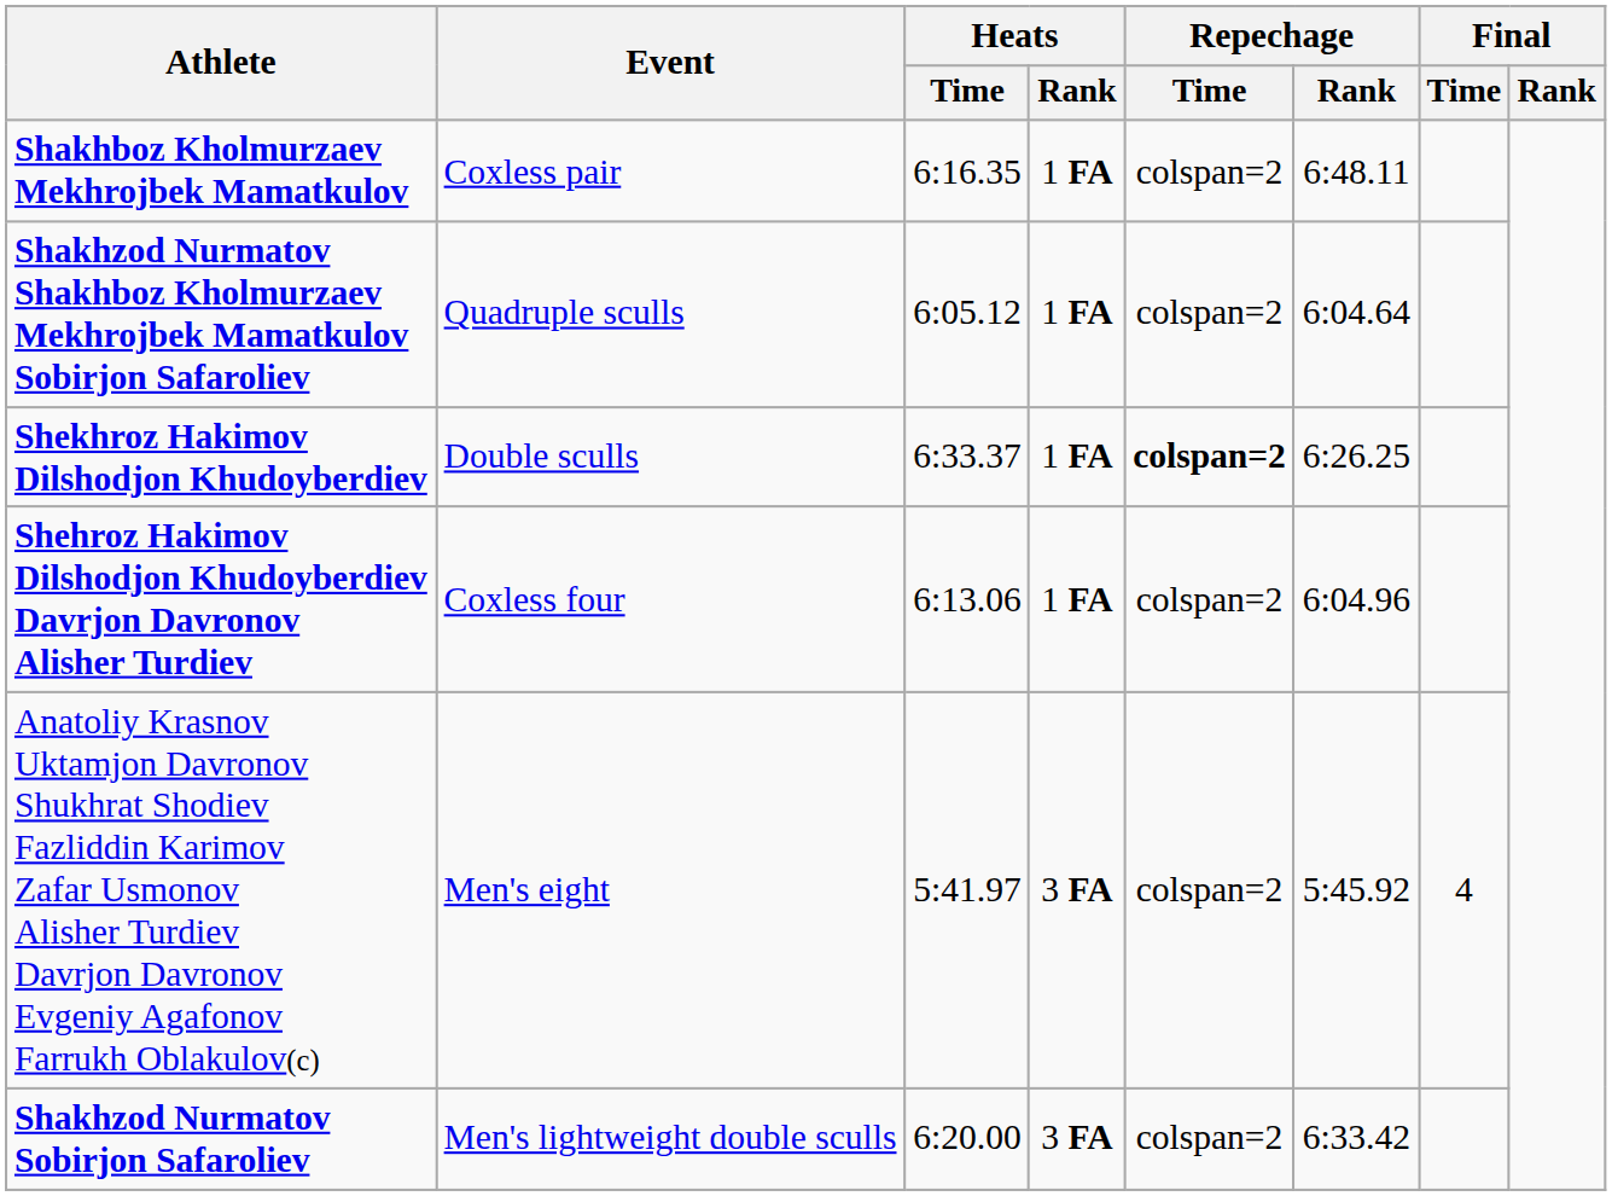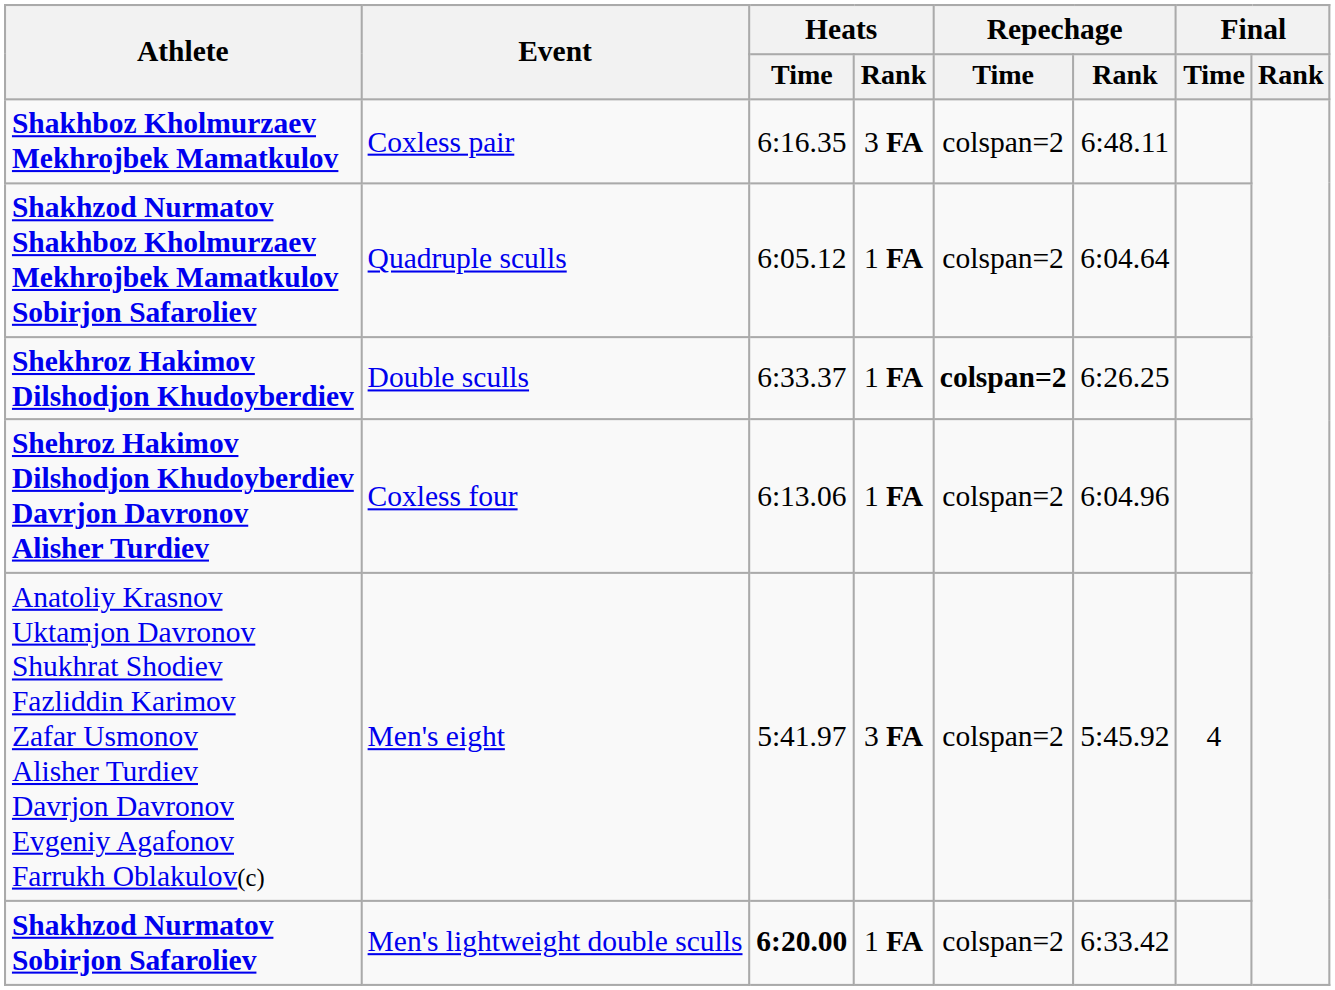 <table class=wikitable style=font-size:90%;text-align:center>
 <tr>
 <th rowspan=2>Athlete</th>
 <th rowspan=2>Event</th>
 <th colspan=2>Heats</th>
 <th colspan=2>Repechage</th>
 <th colspan=2>Final</th>
 </tr>
 <tr style="font-size:95%">
 <th>Time</th>
 <th>Rank</th>
 <th>Time</th>
 <th>Rank</th>
 <th>Time</th>
 <th>Rank</th>
 </tr>
 <tr>
 <td align=left><strong><a href='#'>Shakhboz Kholmurzaev</a><br><a href='#'>Mekhrojbek Mamatkulov</a></strong></td>
 <td align=left><a href='#'>Coxless pair</a></td>
 <td>6:16.35</td>
-<td>1 <strong>FA</strong></td>
+<td>3 <strong>FA</strong></td>
 <td>colspan=2 </td>
 <td>6:48.11</td>
 <td></td>
 </tr>
 <tr>
 <td align=left><strong><a href='#'>Shakhzod Nurmatov</a><br><a href='#'>Shakhboz Kholmurzaev</a><br><a href='#'>Mekhrojbek Mamatkulov</a><br><a href='#'>Sobirjon Safaroliev</a></strong></td>
 <td align=left><a href='#'>Quadruple sculls</a></td>
 <td>6:05.12</td>
 <td>1 <strong>FA</strong></td>
 <td>colspan=2 </td>
 <td>6:04.64</td>
 <td></td>
 </tr>
 <tr>
 <td align=left><strong><a href='#'>Shekhroz Hakimov</a><br><a href='#'>Dilshodjon Khudoyberdiev</a></strong></td>
 <td align=left><a href='#'>Double sculls</a></td>
 <td>6:33.37</td>
 <td>1 <strong>FA</strong></td>
 <td><strong>colspan=2 </strong></td>
 <td>6:26.25</td>
 <td></td>
 </tr>
 <tr>
 <td align=left><strong><a href='#'>Shehroz Hakimov</a><br><a href='#'>Dilshodjon Khudoyberdiev</a><br><a href='#'>Davrjon Davronov</a><br><a href='#'>Alisher Turdiev</a></strong></td>
 <td align=left><a href='#'>Coxless four</a></td>
 <td>6:13.06</td>
 <td>1 <strong>FA</strong></td>
 <td>colspan=2 </td>
 <td>6:04.96</td>
 <td></td>
 </tr>
 <tr>
 <td align=left><a href='#'>Anatoliy Krasnov</a><br><a href='#'>Uktamjon Davronov</a><br><a href='#'>Shukhrat Shodiev</a><br><a href='#'>Fazliddin Karimov</a><br><a href='#'>Zafar Usmonov</a><br><a href='#'>Alisher Turdiev</a><br><a href='#'>Davrjon Davronov</a><br><a href='#'>Evgeniy Agafonov</a><br><a href='#'>Farrukh Oblakulov</a><small>(c)</small></td>
 <td align=left><a href='#'>Men's eight</a></td>
 <td>5:41.97</td>
 <td>3 <strong>FA</strong></td>
 <td>colspan=2 </td>
 <td>5:45.92</td>
 <td>4</td>
 </tr>
 <tr>
 <td align=left><strong><a href='#'>Shakhzod Nurmatov</a><br><a href='#'>Sobirjon Safaroliev</a></strong></td>
 <td align=left><a href='#'>Men's lightweight double sculls</a></td>
-<td>6:20.00</td>
-<td>3 <strong>FA</strong></td>
+<td><strong>6:20.00</strong></td>
+<td>1 <strong>FA</strong></td>
 <td>colspan=2 </td>
 <td>6:33.42</td>
 <td></td>
 </tr>
 </table>
